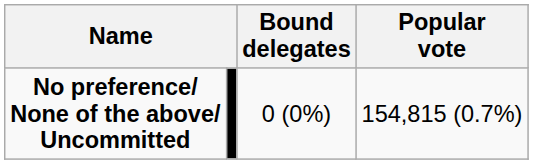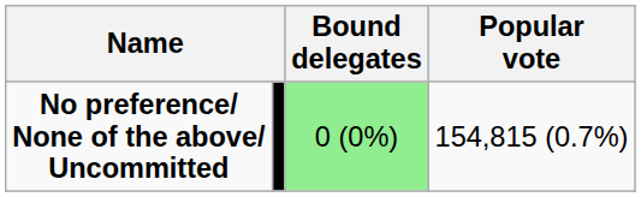 <table class="wikitable sortable" style="text-align:center;">
 <tr>
 <th scope="col" colspan=2>Name</th>
 <th scope="col">Bound<br>delegates</th>
 <th scope="col">Popular<br>vote</th>
 </tr>
 <tr>
 <td data-sort-value="No preference/ None of the above/ Uncommitted"><strong>No preference/<br> None of the above/<br> Uncommitted</strong></td>
 <td style="background:#000000"></td>
-<td>0 (0%)</td>
+<td style="background: lightgreen;">0 (0%)</td>
 <td>154,815 (0.7%)</td>
 </tr>
 </table>
